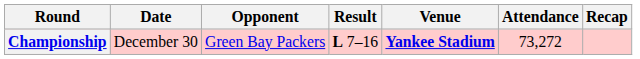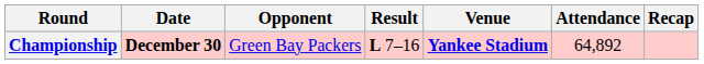 <table class="wikitable" style="text-align:center">
 <tr>
 <th>Round</th>
 <th>Date</th>
 <th>Opponent</th>
 <th>Result</th>
 <th>Venue</th>
 <th>Attendance</th>
 <th>Recap</th>
 </tr>
 <tr style="background:#fcc">
 <th><a href='#'>Championship</a></th>
-<td>December 30</td>
+<td><strong>December 30</strong></td>
 <td><a href='#'>Green Bay Packers</a></td>
 <td><strong>L</strong> 7–16</td>
 <td><strong><a href='#'>Yankee Stadium</a></strong></td>
-<td>73,272</td>
+<td>64,892</td>
 <td></td>
 </tr>
 </table>
